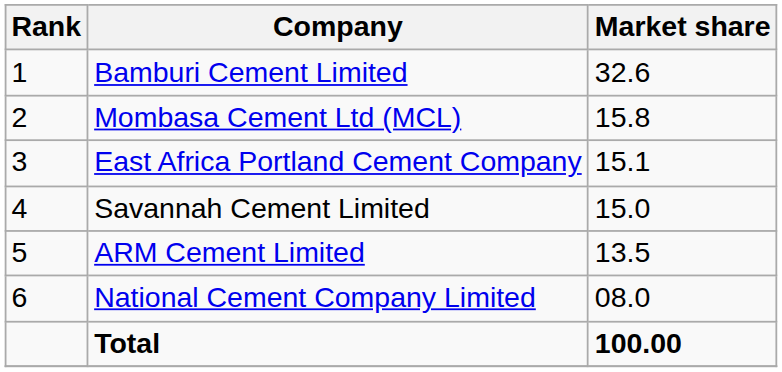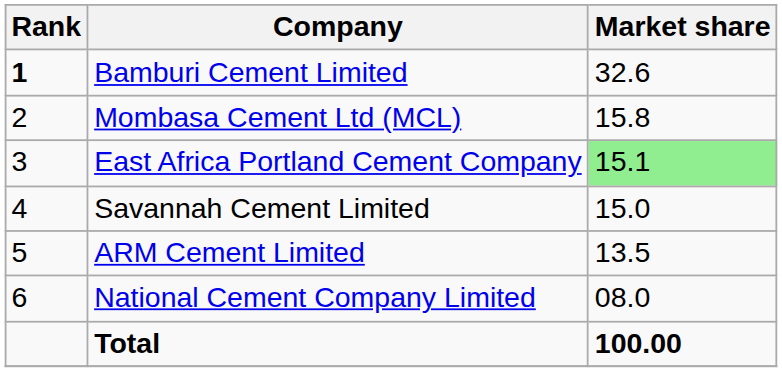 <table class="wikitable sortable" style="margin: 0.5em auto">
 <tr>
 <th>Rank</th>
 <th>Company</th>
 <th>Market share</th>
 </tr>
 <tr>
-<td>1</td>
+<td><strong>1</strong></td>
 <td><a href='#'>Bamburi Cement Limited</a></td>
 <td>32.6</td>
 </tr>
 <tr>
 <td>2</td>
 <td><a href='#'>Mombasa Cement Ltd (MCL)</a></td>
 <td>15.8</td>
 </tr>
 <tr>
 <td>3</td>
 <td><a href='#'>East Africa Portland Cement Company</a></td>
-<td>15.1</td>
+<td style="background: lightgreen;">15.1</td>
 </tr>
 <tr>
 <td>4</td>
 <td>Savannah Cement Limited</td>
 <td>15.0</td>
 </tr>
 <tr>
 <td>5</td>
 <td><a href='#'>ARM Cement Limited</a></td>
 <td>13.5</td>
 </tr>
 <tr>
 <td>6</td>
 <td><a href='#'>National Cement Company Limited</a></td>
 <td>08.0</td>
 </tr>
 <tr>
 <td></td>
 <td><strong>Total</strong></td>
 <td><strong>100.00</strong></td>
 </tr>
 <tr>
 </tr>
 </table>
